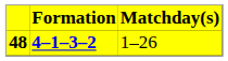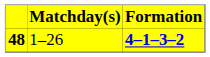 <table class="toccolours" border="0" cellpadding="2" cellspacing="0" align="center" style="margin: 0.5em 0 1em 1em; background: #000000; border: 1px #aaaaaa solid;">
 <tr bgcolor=#FFFF00>
 <th></th>
+<th>Matchday(s)</th>
 <th>Formation</th>
-<th>Matchday(s)</th>
 </tr>
 <tr bgcolor=#FFFF00>
 <td><strong>48</strong></td>
+<td>1–26</td>
 <td><a href='#'><span><strong>4–1–3–2</strong></span></a></td>
-<td>1–26</td>
 </tr>
 </table>
